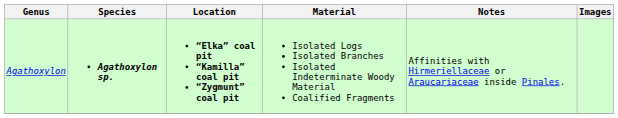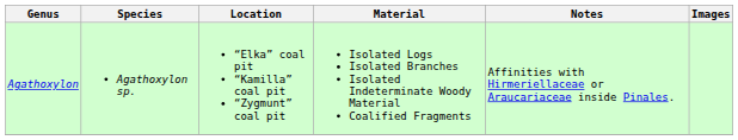 <table class="wikitable" align="center" width="100%">
 <tr>
 <th>Genus</th>
 <th>Species</th>
 <th>Location</th>
 <th>Material</th>
 <th>Notes</th>
 <th>Images</th>
 </tr>
 <tr>
 <td style="background:#D1FFCF;"><br><em><a href='#'>Agathoxylon</a></em></td>
-<td style="background:#D1FFCF;"><strong><br><ul><li><em>Agathoxylon sp.</em></li></ul></strong></td>
-<td style="background:#D1FFCF;"><strong><br><ul><li>“Elka” coal pit</li><li>“Kamilla” coal pit</li><li>“Zygmunt” coal pit</li></ul></strong></td>
+<td style="background:#D1FFCF;"><br><ul><li><em>Agathoxylon sp.</em></li></ul></td>
+<td style="background:#D1FFCF;"><br><ul><li>“Elka” coal pit</li><li>“Kamilla” coal pit</li><li>“Zygmunt” coal pit</li></ul></td>
 <td style="background:#D1FFCF;"><br><ul><li>Isolated Logs</li><li>Isolated Branches</li><li>Isolated Indeterminate Woody Material</li><li>Coalified Fragments</li></ul></td>
 <td style="background:#D1FFCF;"><br>Affinities with <a href='#'>Hirmeriellaceae</a> or <a href='#'>Araucariaceae</a> inside <a href='#'>Pinales</a>.</td>
 <td style="background:#D1FFCF;"><br></td>
 </tr>
 <tr>
 </tr>
 </table>
